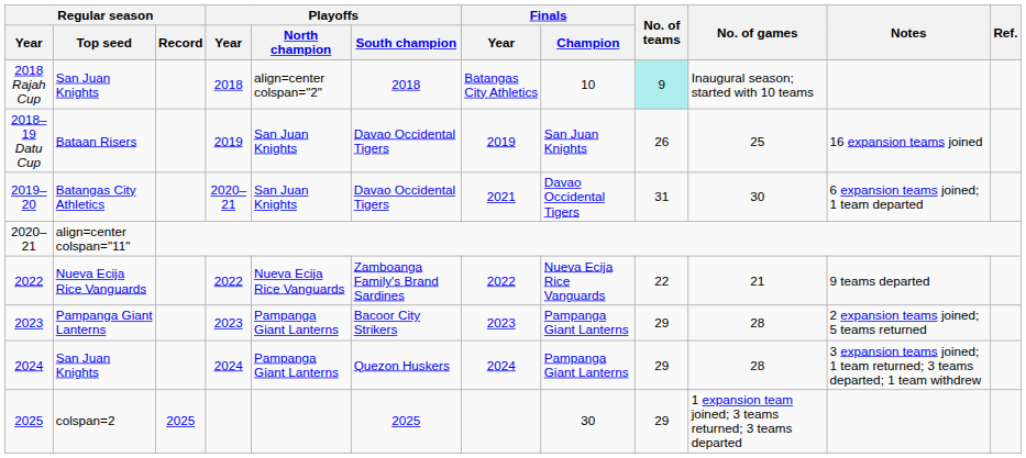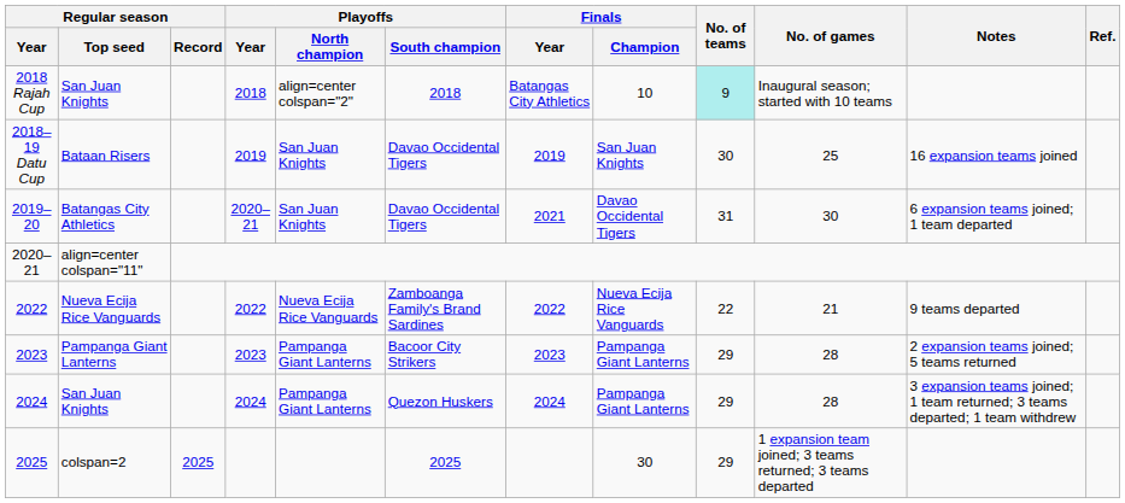 <table class="wikitable sortable" style="font-size:95%" width="95%">
 <tr>
 <th colspan="3" class="unsortable">Regular season</th>
 <th colspan="3" class="unsortable">Playoffs</th>
 <th colspan="2" class="unsortable"><a href='#'>Finals</a></th>
 <th rowspan="2">No. of teams</th>
 <th rowspan="2">No. of games</th>
 <th rowspan="2" class="unsortable">Notes</th>
 <th rowspan="2" class="unsortable">Ref.</th>
 </tr>
 <tr>
 <th>Year</th>
 <th>Top seed</th>
 <th>Record</th>
 <th>Year</th>
 <th><a href='#'>North champion</a></th>
 <th><a href='#'>South champion</a></th>
 <th>Year</th>
 <th><a href='#'>Champion</a><br></th>
 </tr>
 <tr>
 <td align=center><a href='#'>2018</a><br><em>Rajah Cup</em></td>
 <td><a href='#'>San Juan Knights</a></td>
 <td align=center></td>
 <td align=center><a href='#'>2018</a></td>
 <td>align=center colspan="2" </td>
 <td align=center><a href='#'>2018</a></td>
 <td><a href='#'>Batangas City Athletics</a></td>
 <td align=center>10</td>
 <td align=center style="background: paleturquoise;">9</td>
 <td>Inaugural season; started with 10 teams</td>
 <td align=center><br></td>
 </tr>
 <tr>
 <td align=center><a href='#'>2018–19</a><br><em>Datu Cup</em></td>
 <td><a href='#'>Bataan Risers</a></td>
 <td align=center></td>
 <td align=center><a href='#'>2019</a></td>
 <td><a href='#'>San Juan Knights</a></td>
 <td><a href='#'>Davao Occidental Tigers</a></td>
 <td align=center><a href='#'>2019</a></td>
 <td><a href='#'>San Juan Knights</a></td>
-<td align=center>26</td>
+<td align=center>30</td>
 <td align=center>25</td>
 <td>16 <a href='#'>expansion teams</a> joined</td>
 <td align=center><br></td>
 </tr>
 <tr>
 <td align=center><a href='#'>2019–20</a><br></td>
 <td><a href='#'>Batangas City Athletics</a></td>
 <td align=center></td>
 <td align=center><a href='#'>2020–21</a></td>
 <td><a href='#'>San Juan Knights</a></td>
 <td><a href='#'>Davao Occidental Tigers</a></td>
 <td align=center><a href='#'>2021</a></td>
 <td><a href='#'>Davao Occidental Tigers</a></td>
 <td align=center>31</td>
 <td align=center>30</td>
 <td>6 <a href='#'>expansion teams</a> joined; 1 team departed</td>
 <td align=center></td>
 </tr>
 <tr>
 <td align=center>2020–21</td>
 <td>align=center colspan="11" <br></td>
 </tr>
 <tr>
 <td align=center><a href='#'>2022</a></td>
 <td><a href='#'>Nueva Ecija Rice Vanguards</a></td>
 <td align=center></td>
 <td align=center><a href='#'>2022</a></td>
 <td><a href='#'>Nueva Ecija Rice Vanguards</a></td>
 <td><a href='#'>Zamboanga Family's Brand Sardines</a></td>
 <td align=center><a href='#'>2022</a></td>
 <td><a href='#'>Nueva Ecija Rice Vanguards</a></td>
 <td align=center>22</td>
 <td align=center>21</td>
 <td>9 teams departed</td>
 <td align=center><br></td>
 </tr>
 <tr>
 <td align=center><a href='#'>2023</a></td>
 <td><a href='#'>Pampanga Giant Lanterns</a></td>
 <td align=center></td>
 <td align=center><a href='#'>2023</a></td>
 <td><a href='#'>Pampanga Giant Lanterns</a></td>
 <td><a href='#'>Bacoor City Strikers</a></td>
 <td align=center><a href='#'>2023</a></td>
 <td><a href='#'>Pampanga Giant Lanterns</a></td>
 <td align=center>29</td>
 <td align=center>28</td>
 <td>2 <a href='#'>expansion teams</a> joined; 5 teams returned</td>
 <td align=center><br></td>
 </tr>
 <tr>
 <td align=center><a href='#'>2024</a></td>
 <td><a href='#'>San Juan Knights</a></td>
 <td align=center></td>
 <td align=center><a href='#'>2024</a></td>
 <td><a href='#'>Pampanga Giant Lanterns</a></td>
 <td><a href='#'>Quezon Huskers</a></td>
 <td align=center><a href='#'>2024</a></td>
 <td><a href='#'>Pampanga Giant Lanterns</a></td>
 <td align=center>29</td>
 <td align=center>28</td>
 <td>3 <a href='#'>expansion teams</a> joined; 1 team returned; 3 teams departed; 1 team withdrew</td>
 <td align=center><br></td>
 </tr>
 <tr>
 <td align=center><a href='#'>2025</a></td>
 <td>colspan=2 </td>
 <td align=center><a href='#'>2025</a></td>
 <td></td>
 <td></td>
 <td align=center><a href='#'>2025</a></td>
 <td></td>
 <td align=center>30</td>
 <td align=center>29</td>
 <td>1 <a href='#'>expansion team</a> joined; 3 teams returned; 3 teams departed</td>
 <td align=center></td>
 </tr>
 </table>
